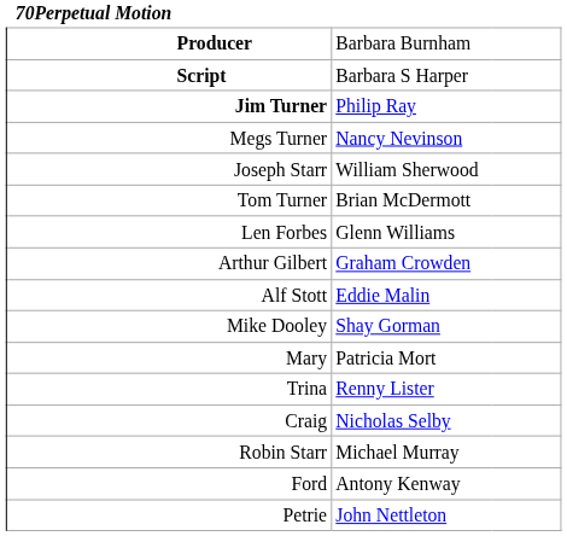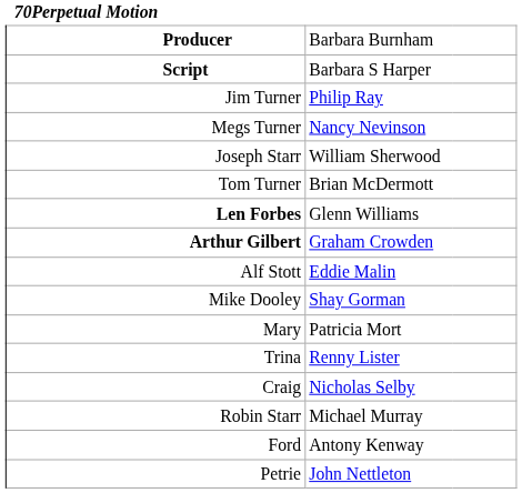 <table class="wikitable mw-collapsible mw-collapsed" style="vertical-align:top;margin:auto 2em;line-height:1.2;min-width:33em;display: inline-table;background-color:inherit;border:none;">
 <tr>
 <td class=unsortable style="border:hidden;line-height:1.67;text-align:center;margin-left:-1em;padding-left:0.5em;min-width:1.0em;"></td>
 <td class=unsortable style="border:none;padding-left:0.5em;text-align:left;min-width:16.5em;font-weight:700;font-style:italic;">70Perpetual Motion</td>
 <td class=unsortable style="border:none;text-align:right;font-weight:normal;font-family:Courier;font-size:95%;letter-spacing:-1pt;min-width:8.5em;padding-right:0.2em;"></td>
 <td class=unsortable style="border:hidden;min-width:3.5em;padding-left:0;"></td>
 <td class=unsortable style="border:hidden;min-width:3.5em;font-size:95%;"></td>
 </tr>
 <tr>
 <td rowspan=100 style="border:none thin;border-right-style :solid;"></td>
 </tr>
 <tr>
 <td style="text-align:left;padding-left:9.0em;font-weight:bold;">Producer</td>
 <td colspan=2>Barbara Burnham</td>
 </tr>
 <tr>
 <td style="text-align:left;padding-left:9.0em;font-weight:bold;">Script</td>
 <td colspan=2>Barbara S Harper</td>
 </tr>
 <tr>
-<td style="text-align:right;"><strong>Jim Turner</strong></td>
+<td style="text-align:right;">Jim Turner</td>
 <td colspan=2><a href='#'>Philip Ray</a></td>
 </tr>
 <tr>
 <td style="text-align:right;">Megs Turner</td>
 <td colspan=2><a href='#'>Nancy Nevinson</a></td>
 </tr>
 <tr>
 <td style="text-align:right;">Joseph Starr</td>
 <td colspan=2>William Sherwood</td>
 </tr>
 <tr>
 <td style="text-align:right;">Tom Turner</td>
 <td colspan=2>Brian McDermott</td>
 </tr>
 <tr>
-<td style="text-align:right;">Len Forbes</td>
+<td style="text-align:right;"><strong>Len Forbes</strong></td>
 <td colspan=2>Glenn Williams</td>
 </tr>
 <tr>
-<td style="text-align:right;">Arthur Gilbert</td>
+<td style="text-align:right;"><strong>Arthur Gilbert</strong></td>
 <td colspan=2><a href='#'>Graham Crowden</a></td>
 </tr>
 <tr>
 <td style="text-align:right;">Alf Stott</td>
 <td colspan=2><a href='#'>Eddie Malin</a></td>
 </tr>
 <tr>
 <td style="text-align:right;">Mike Dooley</td>
 <td colspan=2><a href='#'>Shay Gorman</a></td>
 </tr>
 <tr>
 <td style="text-align:right;">Mary</td>
 <td colspan=2>Patricia Mort</td>
 </tr>
 <tr>
 <td style="text-align:right;">Trina</td>
 <td colspan=2><a href='#'>Renny Lister</a></td>
 </tr>
 <tr>
 <td style="text-align:right;">Craig</td>
 <td colspan=2><a href='#'>Nicholas Selby</a></td>
 </tr>
 <tr>
 <td style="text-align:right;">Robin Starr</td>
 <td colspan=2>Michael Murray</td>
 </tr>
 <tr>
 <td style="text-align:right;">Ford</td>
 <td colspan=2>Antony Kenway</td>
 </tr>
 <tr>
 <td style="text-align:right;">Petrie</td>
 <td colspan=2><a href='#'>John Nettleton</a></td>
 </tr>
 </table>
